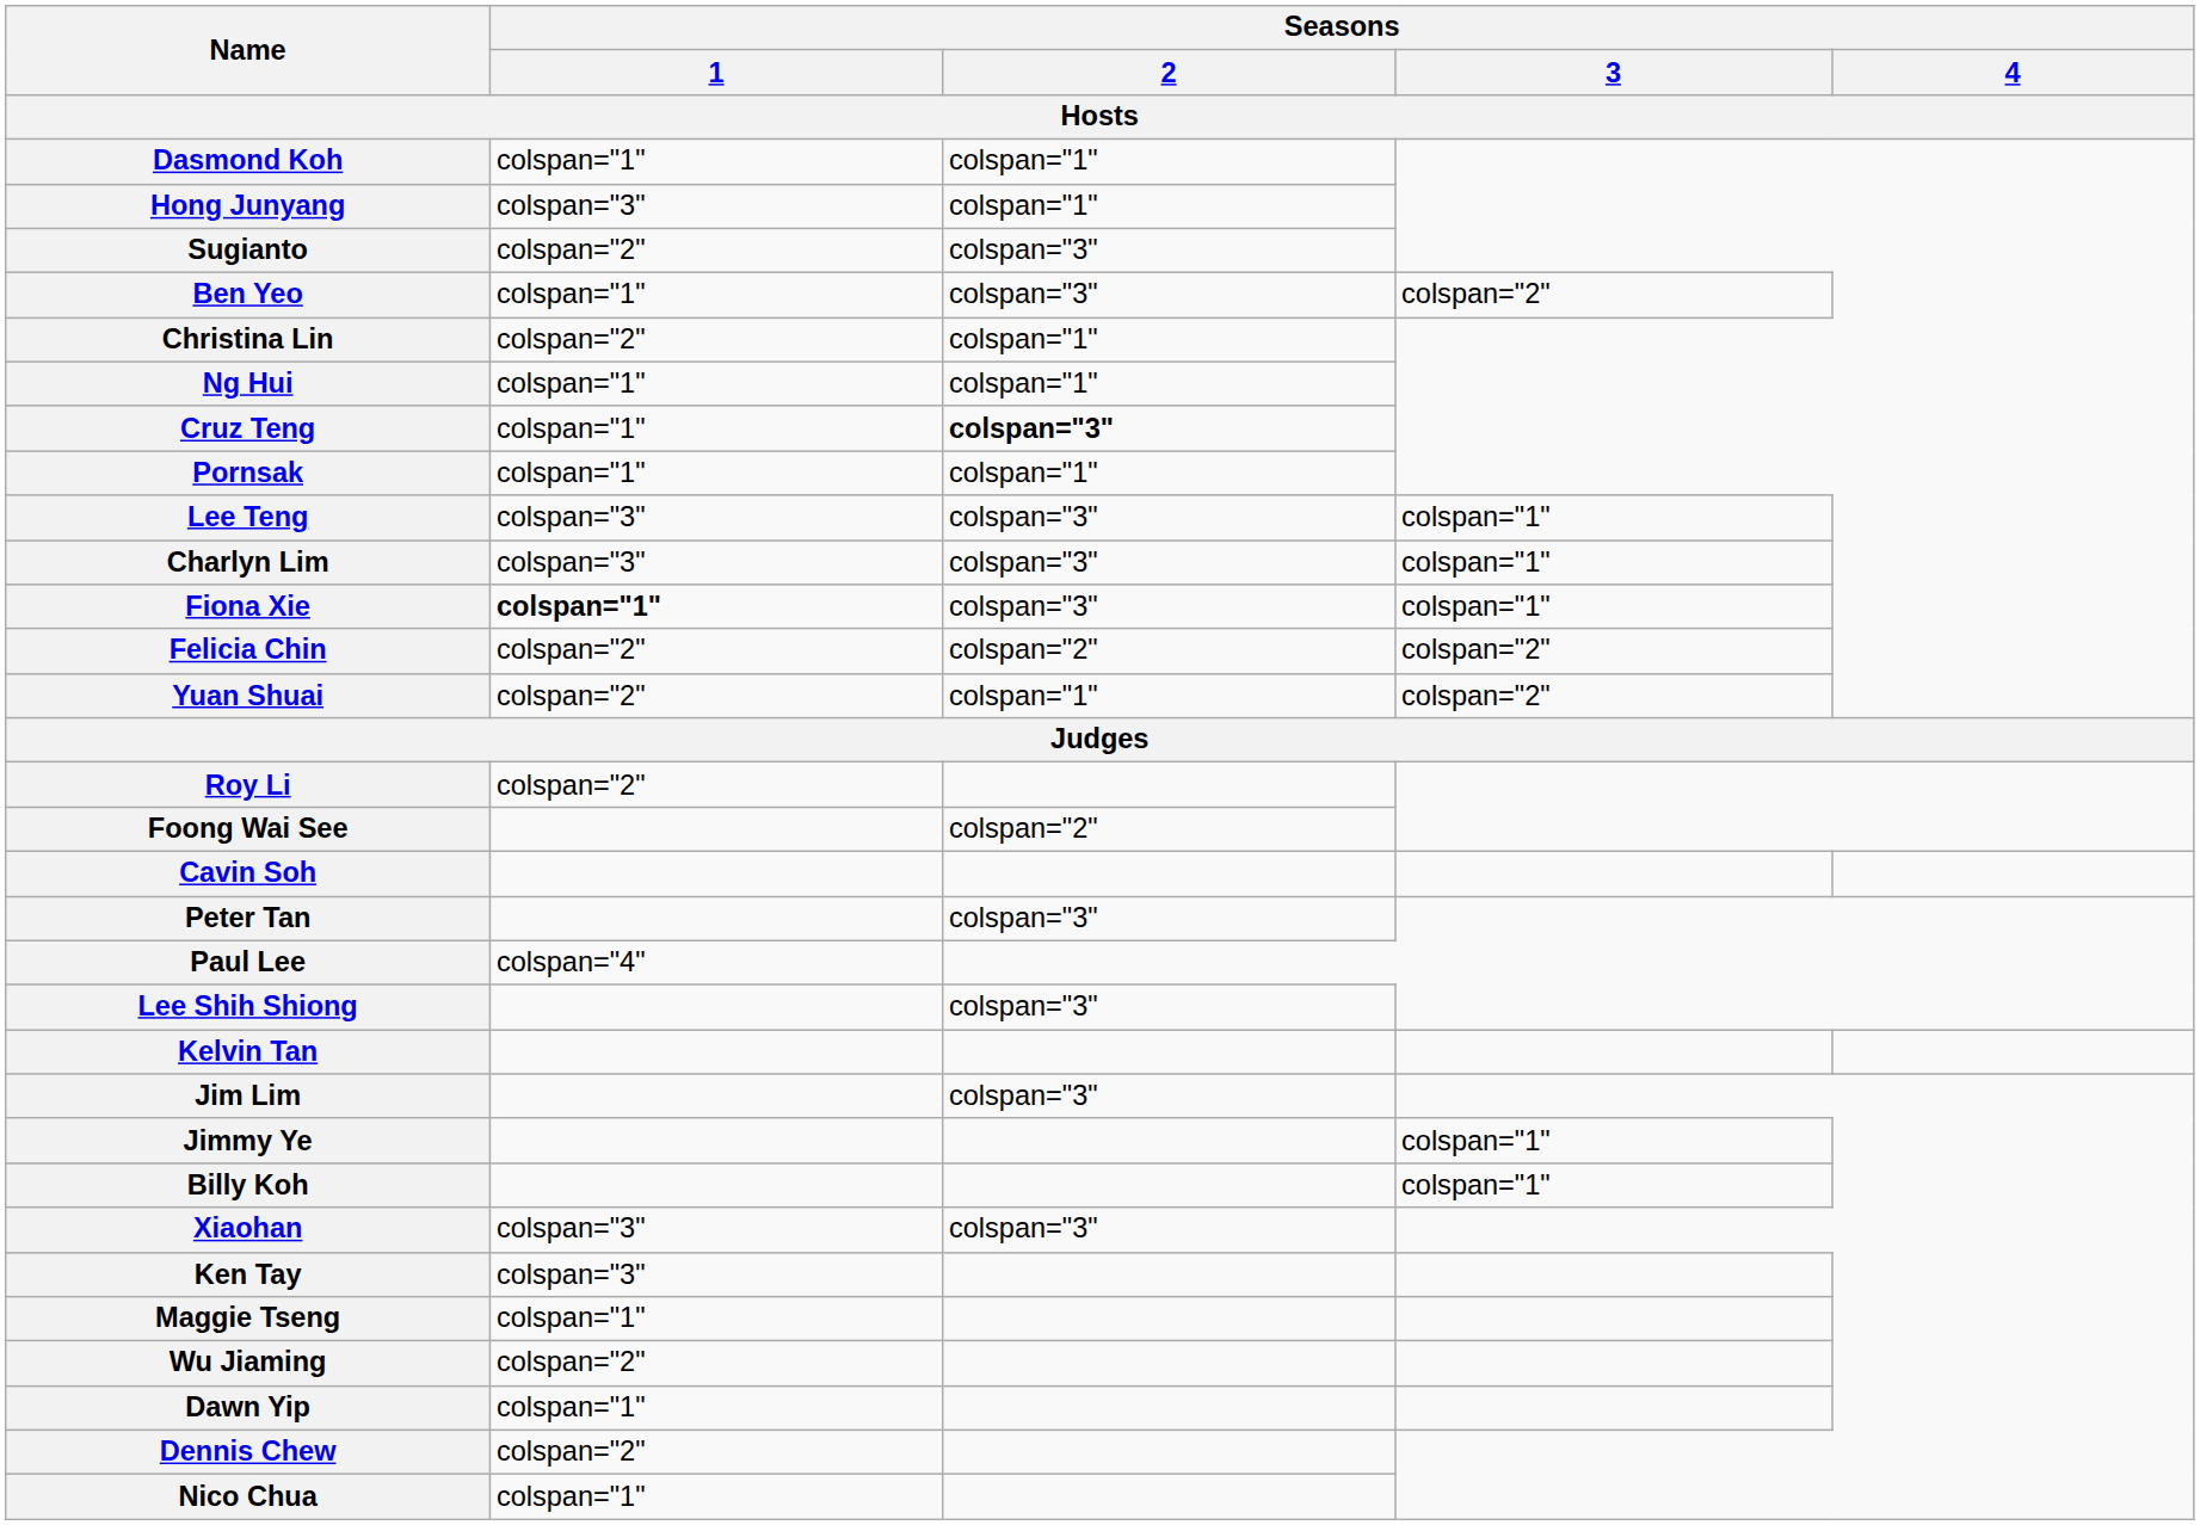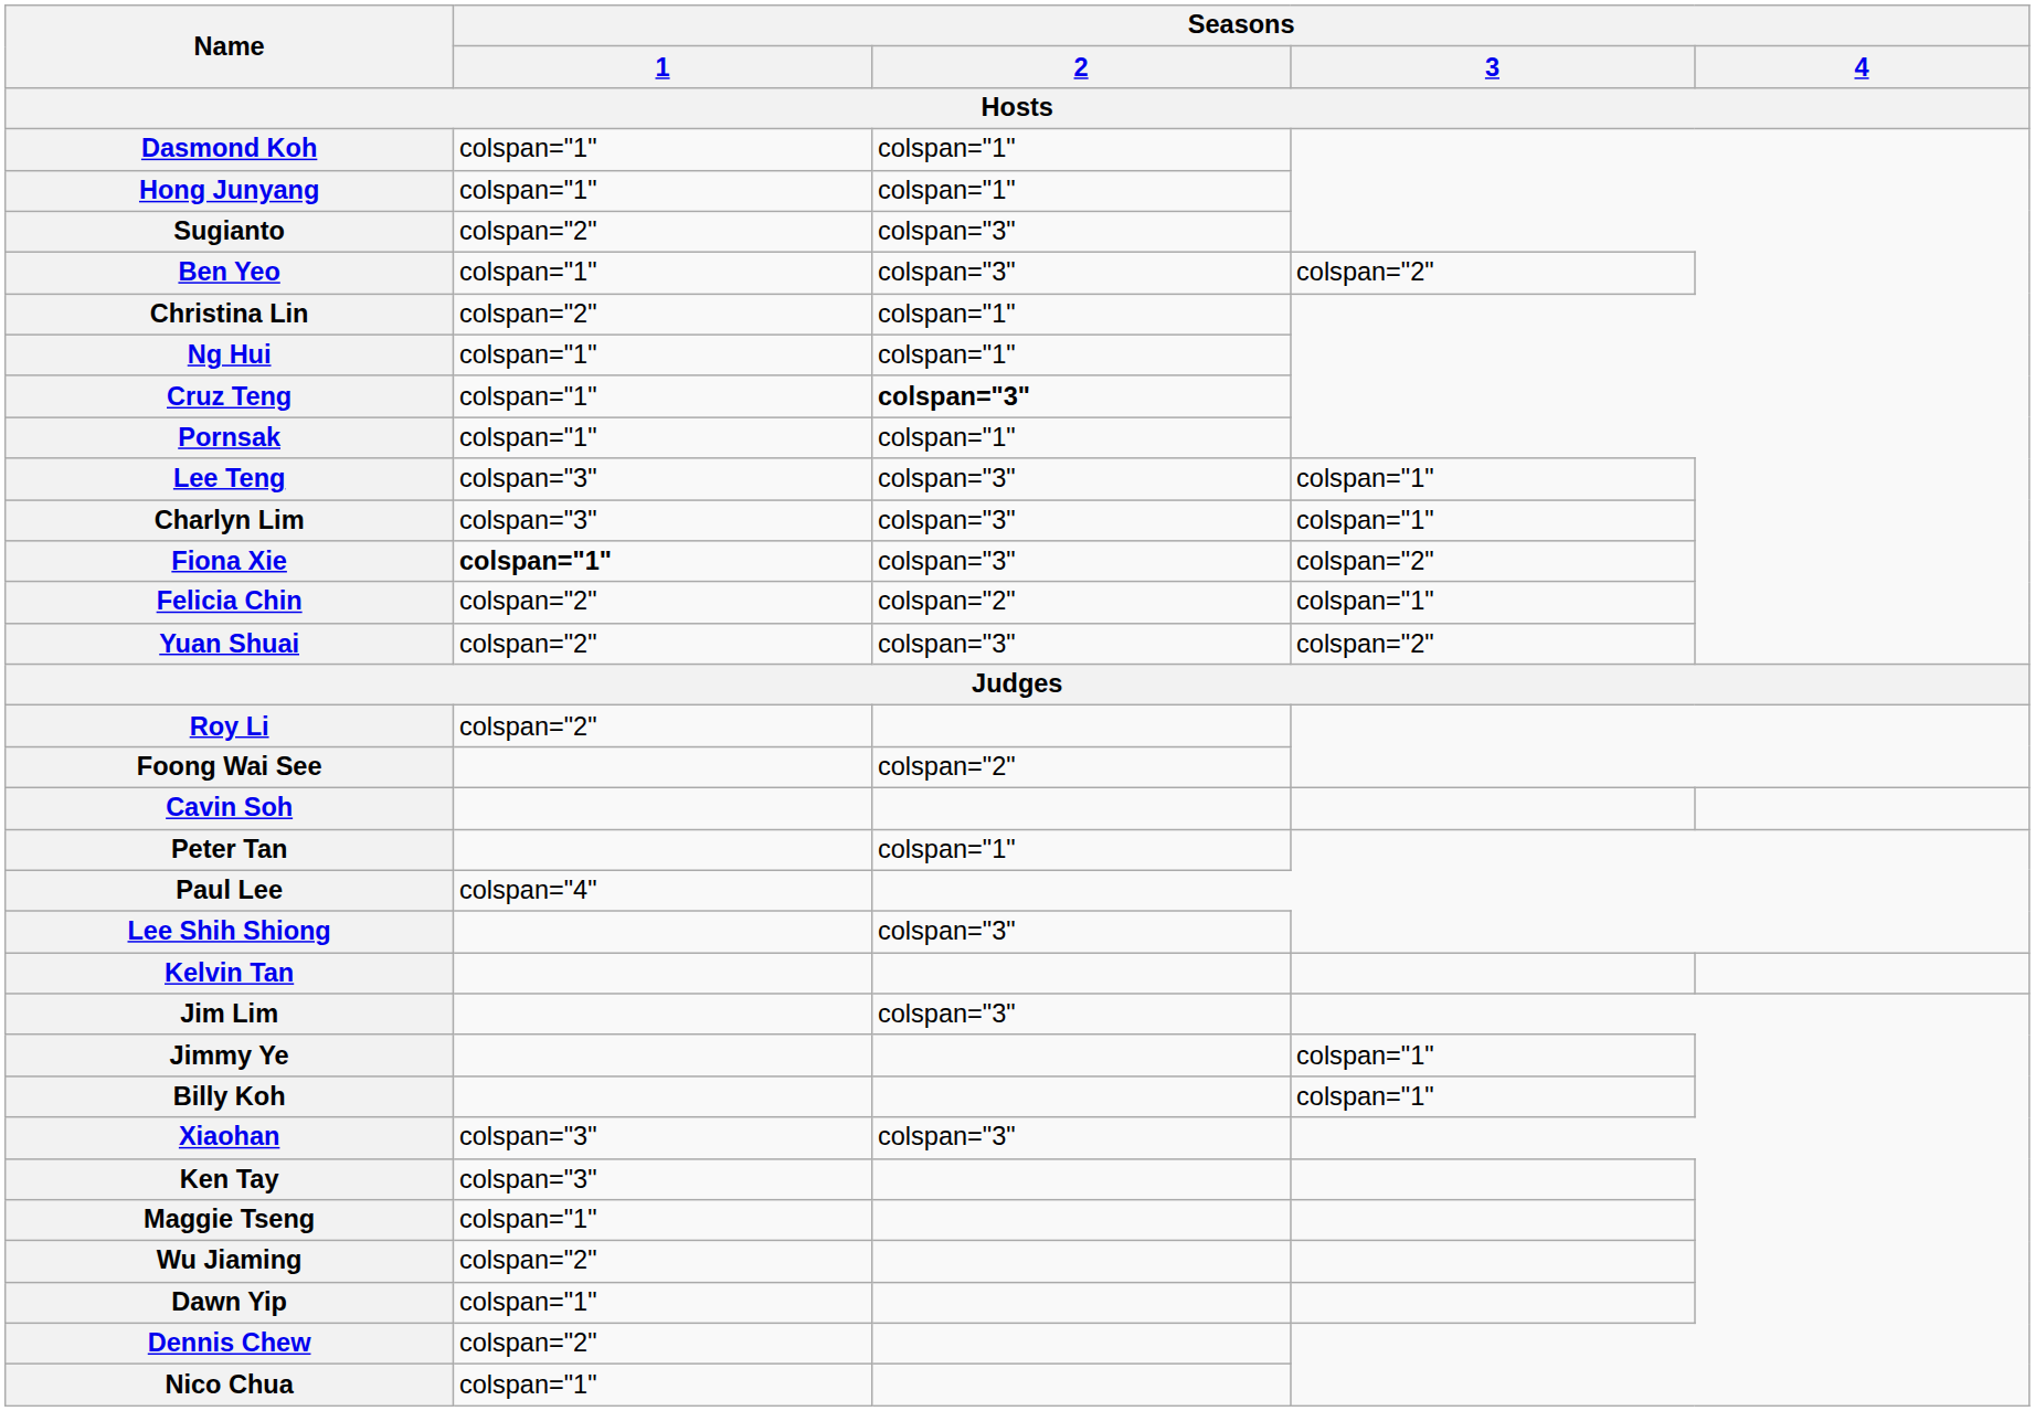 <table class="wikitable plainrowheaders collapsible mw-collapsible">
 <tr>
 <th rowspan="2" style="width:5%">Name</th>
 <th colspan="4">Seasons</th>
 </tr>
 <tr>
 <th style="width:4%"><a href='#'>1</a></th>
 <th style="width:4%"><a href='#'>2</a></th>
 <th style="width:4%"><a href='#'>3</a></th>
 <th style="width:4%"><a href='#'>4</a></th>
 </tr>
 <tr>
 <th colspan="5">Hosts</th>
 </tr>
 <tr>
 <th scope="row" style="text-align:center"><a href='#'>Dasmond Koh</a></th>
 <td>colspan="1" </td>
 <td>colspan="1" </td>
 </tr>
 <tr>
 <th scope="row" style="text-align:center"><a href='#'>Hong Junyang</a></th>
-<td>colspan="3" </td>
+<td>colspan="1" </td>
 <td>colspan="1" </td>
 </tr>
 <tr>
 <th scope="row" style="text-align:center">Sugianto</th>
 <td>colspan="2" </td>
 <td>colspan="3" </td>
 </tr>
 <tr>
 <th scope="row" style="text-align:center"><a href='#'>Ben Yeo</a></th>
 <td>colspan="1" </td>
 <td>colspan="3" </td>
 <td>colspan="2" </td>
 </tr>
 <tr>
 <th scope="row" style="text-align:center">Christina Lin</th>
 <td>colspan="2" </td>
 <td>colspan="1" </td>
 </tr>
 <tr>
 <th scope="row" style="text-align:center"><a href='#'>Ng Hui</a></th>
 <td>colspan="1" </td>
 <td>colspan="1" </td>
 </tr>
 <tr>
 <th scope="row" style="text-align:center"><a href='#'>Cruz Teng</a></th>
 <td>colspan="1" </td>
 <td><strong>colspan="3" </strong></td>
 </tr>
 <tr>
 <th scope="row" style="text-align:center"><a href='#'>Pornsak</a></th>
 <td>colspan="1" </td>
 <td>colspan="1" </td>
 </tr>
 <tr>
 <th scope="row" style="text-align:center"><a href='#'>Lee Teng</a></th>
 <td>colspan="3" </td>
 <td>colspan="3" </td>
 <td>colspan="1" </td>
 </tr>
 <tr>
 <th scope="row" style="text-align:center">Charlyn Lim</th>
 <td>colspan="3" </td>
 <td>colspan="3" </td>
 <td>colspan="1" </td>
 </tr>
 <tr>
 <th scope="row" style="text-align:center"><a href='#'>Fiona Xie</a></th>
 <td><strong>colspan="1" </strong></td>
 <td>colspan="3" </td>
-<td>colspan="1" </td>
+<td>colspan="2" </td>
 </tr>
 <tr>
 <th scope="row" style="text-align:center"><a href='#'>Felicia Chin</a></th>
 <td>colspan="2" </td>
 <td>colspan="2" </td>
-<td>colspan="2" </td>
+<td>colspan="1" </td>
 </tr>
 <tr>
 <th scope="row" style="text-align:center"><a href='#'>Yuan Shuai</a></th>
 <td>colspan="2" </td>
-<td>colspan="1" </td>
+<td>colspan="3" </td>
 <td>colspan="2" </td>
 </tr>
 <tr>
 <th colspan="5">Judges</th>
 </tr>
 <tr>
 <th scope="row" style="text-align:center"><a href='#'>Roy Li</a></th>
 <td>colspan="2" </td>
 <td></td>
 </tr>
 <tr>
 <th scope="row" style="text-align:center">Foong Wai See</th>
 <td></td>
 <td>colspan="2" </td>
 </tr>
 <tr>
 <th scope="row" style="text-align:center"><a href='#'>Cavin Soh</a></th>
 <td></td>
 <td></td>
 <td></td>
 <td></td>
 </tr>
 <tr>
 <th scope="row" style="text-align:center">Peter Tan</th>
 <td></td>
-<td>colspan="3" </td>
+<td>colspan="1" </td>
 </tr>
 <tr>
 <th scope="row" style="text-align:center">Paul Lee</th>
 <td>colspan="4" </td>
 </tr>
 <tr>
 <th scope="row" style="text-align:center"><a href='#'>Lee Shih Shiong</a></th>
 <td></td>
 <td>colspan="3" </td>
 </tr>
 <tr>
 <th scope="row" style="text-align:center"><a href='#'>Kelvin Tan</a></th>
 <td></td>
 <td></td>
 <td></td>
 <td></td>
 </tr>
 <tr>
 <th scope="row" style="text-align:center">Jim Lim</th>
 <td></td>
 <td>colspan="3" </td>
 </tr>
 <tr>
 <th scope="row" style="text-align:center">Jimmy Ye</th>
 <td></td>
 <td></td>
 <td>colspan="1" </td>
 </tr>
 <tr>
 <th scope="row" style="text-align:center">Billy Koh</th>
 <td></td>
 <td></td>
 <td>colspan="1" </td>
 </tr>
 <tr>
 <th scope="row" style="text-align:center"><a href='#'>Xiaohan</a></th>
 <td>colspan="3" </td>
 <td>colspan="3" </td>
 </tr>
 <tr>
 <th scope="row" style="text-align:center">Ken Tay</th>
 <td>colspan="3" </td>
 <td></td>
 <td></td>
 </tr>
 <tr>
 <th scope="row" style="text-align:center">Maggie Tseng</th>
 <td>colspan="1" </td>
 <td></td>
 <td></td>
 </tr>
 <tr>
 <th scope="row" style="text-align:center">Wu Jiaming</th>
 <td>colspan="2" </td>
 <td></td>
 <td></td>
 </tr>
 <tr>
 <th scope="row" style="text-align:center">Dawn Yip</th>
 <td>colspan="1" </td>
 <td></td>
 <td></td>
 </tr>
 <tr>
 <th scope="row" style="text-align:center"><a href='#'>Dennis Chew</a></th>
 <td>colspan="2"</td>
 <td></td>
 </tr>
 <tr>
 <th scope="row" style="text-align:center">Nico Chua</th>
 <td>colspan="1" </td>
 <td></td>
 </tr>
 </table>
